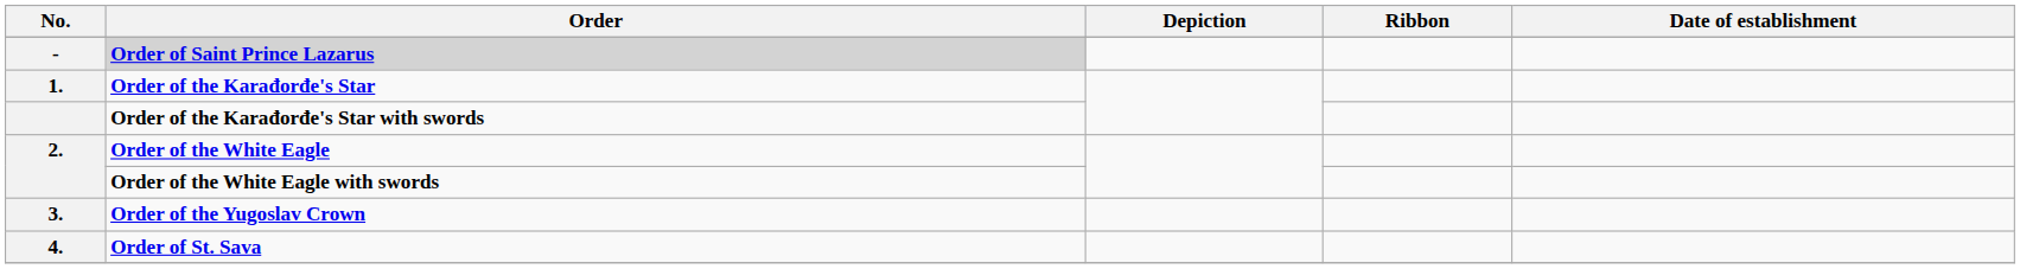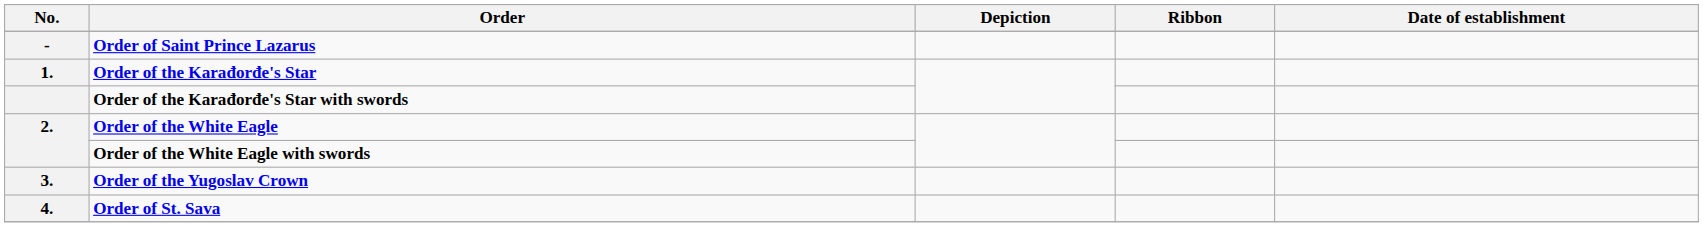 <table class="wikitable" width="100%">
 <tr align="center" bgcolor="lightsteelblue">
 <th>No.</th>
 <th>Order</th>
 <th>Depiction</th>
 <th>Ribbon</th>
 <th>Date of establishment</th>
 </tr>
 <tr>
 </tr>
 <tr>
 <th valign="top" rowspan = 1>-</th>
-<td valign="top" colspan = 1 style="background: lightgrey;"><strong><a href='#'>Order of Saint Prince Lazarus</a></strong></td>
+<td valign="top" colspan = 1><strong><a href='#'>Order of Saint Prince Lazarus</a></strong></td>
 <td valign="top" colspan = 1></td>
 <td valign="top" colspan = 1></td>
 <td valign="top" colspan = 1></td>
 </tr>
 <tr>
 <th valign="top" rowspan = 1>1.</th>
 <td valign="top" colspan = 1><strong><a href='#'>Order of the Karađorđe's Star</a></strong></td>
 <td colspan="1" rowspan="2" valign="top"><br></td>
 <td valign="top" colspan = 1></td>
 <td valign="top" colspan = 1></td>
 </tr>
 <tr>
 <th></th>
 <td><strong>Order of the Karađorđe's Star with swords</strong></td>
 <td colspan="1"></td>
 <td colspan="1"></td>
 </tr>
 <tr>
 <th rowspan="2" valign="top">2.</th>
 <td colspan="1" valign="top"><strong><a href='#'>Order of the White Eagle</a></strong></td>
 <td colspan="1" rowspan="2" valign="top"><br></td>
 <td colspan="1" valign="top"></td>
 <td colspan="1" valign="top"></td>
 </tr>
 <tr>
 <td colspan="1"><strong>Order of the White Eagle with swords</strong></td>
 <td colspan="1"></td>
 <td colspan="1"></td>
 </tr>
 <tr>
 <th valign="top" rowspan = 1>3.</th>
 <td valign="top" colspan = 1><strong><a href='#'>Order of the Yugoslav Crown</a></strong></td>
 <td valign="top" colspan = 1></td>
 <td valign="top" colspan = 1></td>
 <td valign="top" colspan = 1></td>
 </tr>
 <tr>
 <th valign="top" rowspan = 1>4.</th>
 <td valign="top" colspan = 1><strong><a href='#'>Order of St. Sava</a></strong></td>
 <td valign="top" colspan = 1></td>
 <td valign="top" colspan = 1></td>
 <td valign="top" colspan = 1></td>
 </tr>
 <tr>
 </tr>
 </table>
